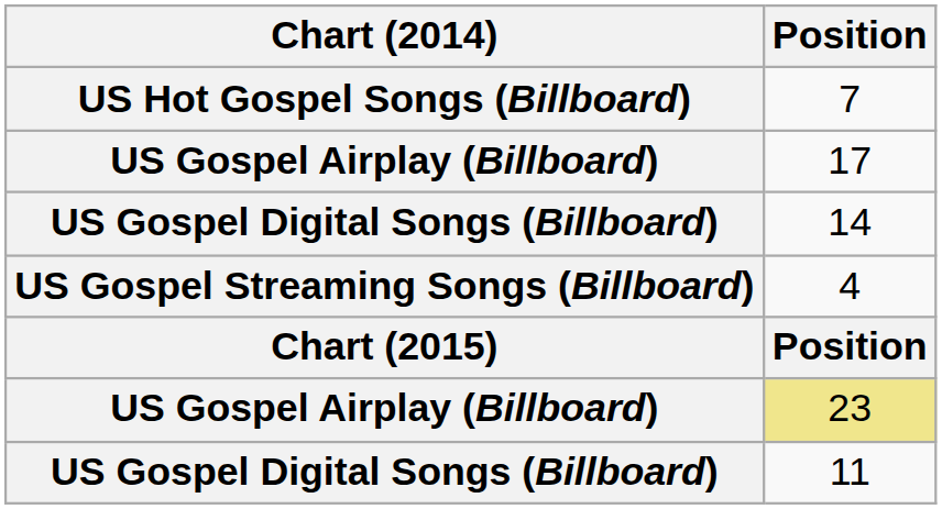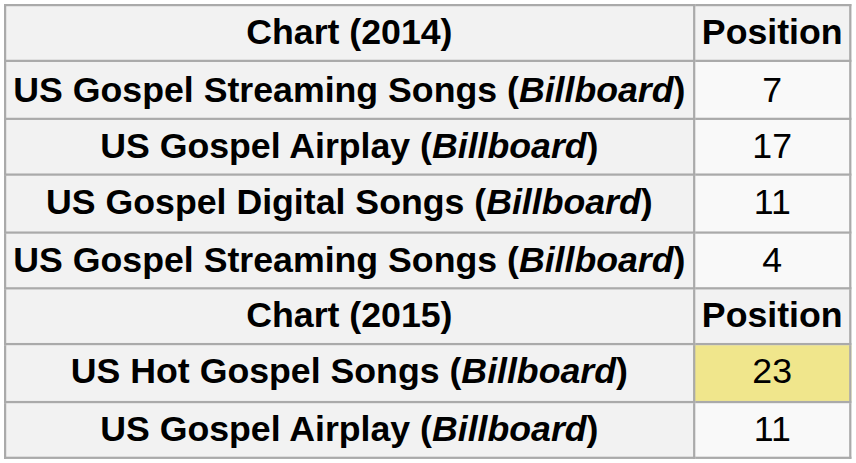 <table class="wikitable plainrowheaders">
 <tr>
 <th scope="col">Chart (2014)</th>
 <th scope="col">Position</th>
 </tr>
 <tr>
-<th scope="row">US Hot Gospel Songs (<em>Billboard</em>)</th>
+<th scope="row">US Gospel Streaming Songs (<em>Billboard</em>)</th>
 <td style="text-align:center;">7</td>
 </tr>
 <tr>
 <th scope="row">US Gospel Airplay (<em>Billboard</em>)</th>
 <td style="text-align:center;">17</td>
 </tr>
 <tr>
 <th scope="row">US Gospel Digital Songs (<em>Billboard</em>)</th>
-<td style="text-align:center;">14</td>
+<td style="text-align:center;">11</td>
 </tr>
 <tr>
 <th scope="row">US Gospel Streaming Songs (<em>Billboard</em>)</th>
 <td style="text-align:center;">4</td>
 </tr>
 <tr>
 <th scope="col">Chart (2015)</th>
 <th scope="col">Position</th>
 </tr>
 <tr>
-<th scope="row">US Gospel Airplay (<em>Billboard</em>)</th>
+<th scope="row">US Hot Gospel Songs (<em>Billboard</em>)</th>
 <td style="background: khaki; text-align:center;">23</td>
 </tr>
 <tr>
-<th scope="row">US Gospel Digital Songs (<em>Billboard</em>)</th>
+<th scope="row">US Gospel Airplay (<em>Billboard</em>)</th>
 <td style="text-align:center;">11</td>
 </tr>
 </table>
